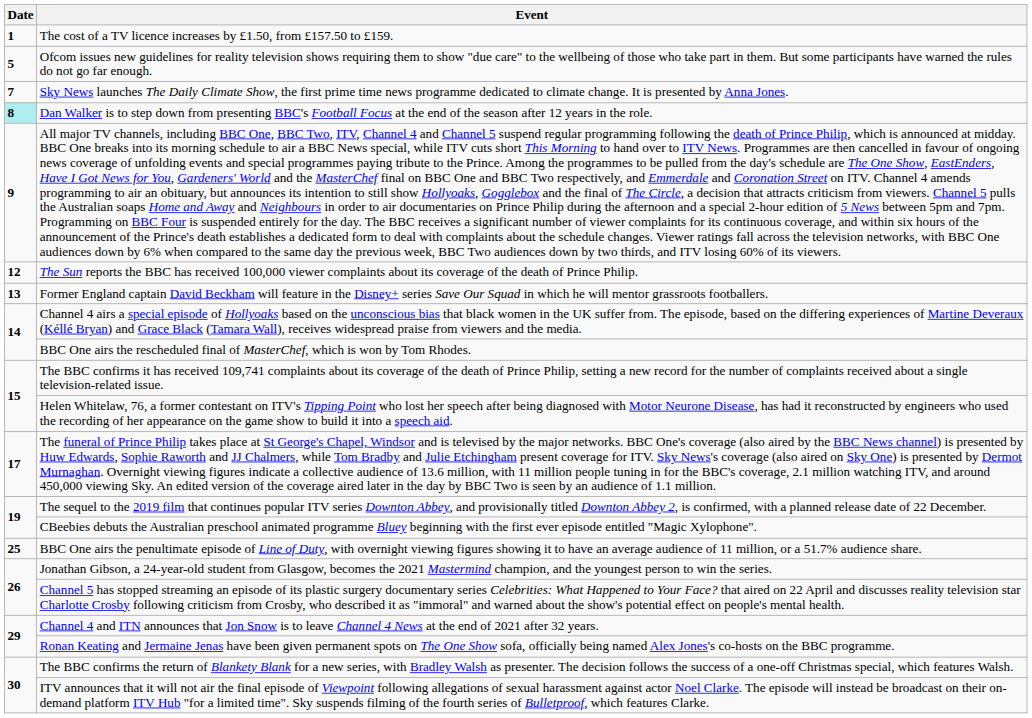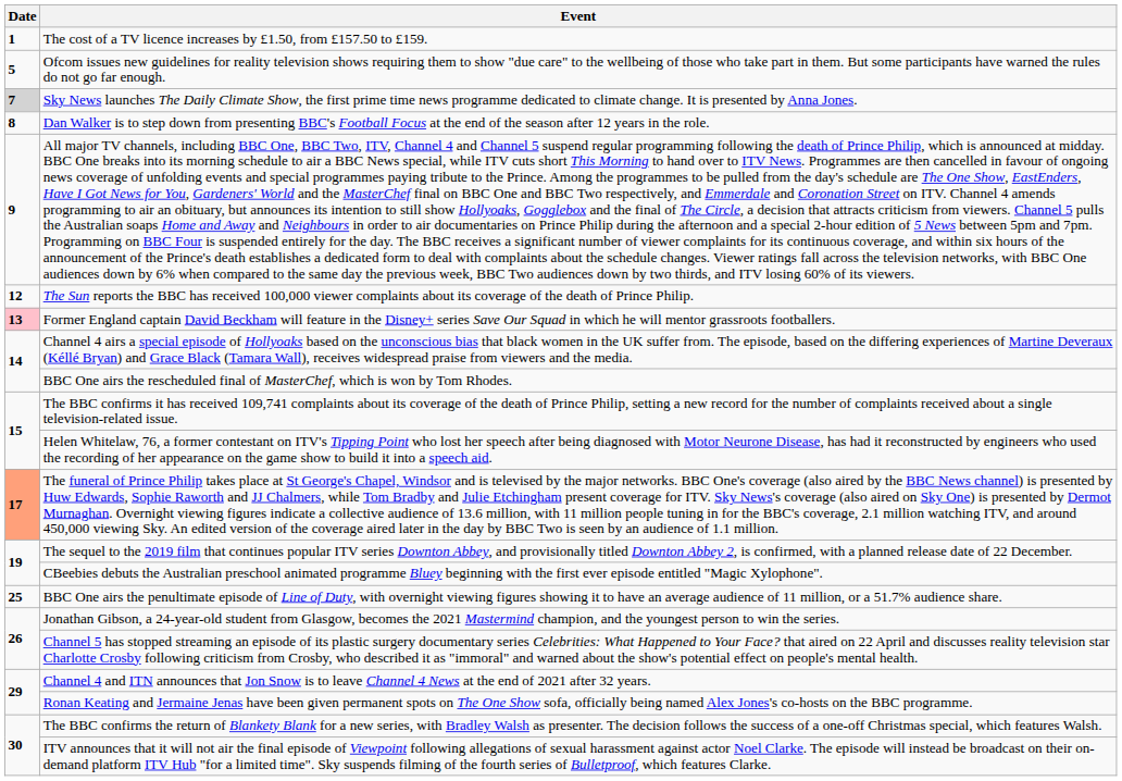 <table class="wikitable">
 <tr>
 <th>Date</th>
 <th>Event</th>
 </tr>
 <tr>
 <td><strong>1</strong></td>
 <td>The cost of a TV licence increases by £1.50, from £157.50 to £159.</td>
 </tr>
 <tr>
 <td><strong>5</strong></td>
 <td>Ofcom issues new guidelines for reality television shows requiring them to show "due care" to the wellbeing of those who take part in them. But some participants have warned the rules do not go far enough.</td>
 </tr>
 <tr>
-<td><strong>7</strong></td>
+<td style="background: lightgrey;"><strong>7</strong></td>
 <td><a href='#'>Sky News</a> launches <em>The Daily Climate Show</em>, the first prime time news programme dedicated to climate change. It is presented by <a href='#'>Anna Jones</a>.</td>
 </tr>
 <tr>
-<td style="background: paleturquoise;"><strong>8</strong></td>
+<td><strong>8</strong></td>
 <td><a href='#'>Dan Walker</a> is to step down from presenting <a href='#'>BBC</a>'s <em><a href='#'>Football Focus</a></em> at the end of the season after 12 years in the role.</td>
 </tr>
 <tr>
 <td><strong>9</strong></td>
 <td>All major TV channels, including <a href='#'>BBC One</a>, <a href='#'>BBC Two</a>, <a href='#'>ITV</a>, <a href='#'>Channel 4</a> and <a href='#'>Channel 5</a> suspend regular programming following the <a href='#'>death of Prince Philip</a>, which is announced at midday. BBC One breaks into its morning schedule to air a BBC News special, while ITV cuts short <em><a href='#'>This Morning</a></em> to hand over to <a href='#'>ITV News</a>. Programmes are then cancelled in favour of ongoing news coverage of unfolding events and special programmes paying tribute to the Prince. Among the programmes to be pulled from the day's schedule are <em><a href='#'>The One Show</a></em>, <em><a href='#'>EastEnders</a></em>, <em><a href='#'>Have I Got News for You</a></em>, <em><a href='#'>Gardeners' World</a></em> and the <em><a href='#'>MasterChef</a></em> final on BBC One and BBC Two respectively, and <em><a href='#'>Emmerdale</a></em> and <em><a href='#'>Coronation Street</a></em> on ITV. Channel 4 amends programming to air an obituary, but announces its intention to still show <em><a href='#'>Hollyoaks</a></em>, <em><a href='#'>Gogglebox</a></em> and the final of <em><a href='#'>The Circle</a></em>, a decision that attracts criticism from viewers. <a href='#'>Channel 5</a> pulls the Australian soaps <em><a href='#'>Home and Away</a></em> and <em><a href='#'>Neighbours</a></em> in order to air documentaries on Prince Philip during the afternoon and a special 2-hour edition of <em><a href='#'>5 News</a></em> between 5pm and 7pm. Programming on <a href='#'>BBC Four</a> is suspended entirely for the day. The BBC receives a significant number of viewer complaints for its continuous coverage, and within six hours of the announcement of the Prince's death establishes a dedicated form to deal with complaints about the schedule changes. Viewer ratings fall across the television networks, with BBC One audiences down by 6% when compared to the same day the previous week, BBC Two audiences down by two thirds, and ITV losing 60% of its viewers.</td>
 </tr>
 <tr>
 <td><strong>12</strong></td>
 <td><em><a href='#'>The Sun</a></em> reports the BBC has received 100,000 viewer complaints about its coverage of the death of Prince Philip.</td>
 </tr>
 <tr>
-<td><strong>13</strong></td>
+<td style="background: pink;"><strong>13</strong></td>
 <td>Former England captain <a href='#'>David Beckham</a> will feature in the <a href='#'>Disney+</a> series <em>Save Our Squad</em> in which he will mentor grassroots footballers.</td>
 </tr>
 <tr>
 <td rowspan=2><strong>14</strong></td>
 <td>Channel 4 airs a <a href='#'>special episode</a> of <em><a href='#'>Hollyoaks</a></em> based on the <a href='#'>unconscious bias</a> that black women in the UK suffer from. The episode, based on the differing experiences of <a href='#'>Martine Deveraux</a> (<a href='#'>Kéllé Bryan</a>) and <a href='#'>Grace Black</a> (<a href='#'>Tamara Wall</a>), receives widespread praise from viewers and the media.</td>
 </tr>
 <tr>
 <td>BBC One airs the rescheduled final of <em>MasterChef</em>, which is won by Tom Rhodes.</td>
 </tr>
 <tr>
 <td rowspan=2><strong>15</strong></td>
 <td>The BBC confirms it has received 109,741 complaints about its coverage of the death of Prince Philip, setting a new record for the number of complaints received about a single television-related issue.</td>
 </tr>
 <tr>
 <td>Helen Whitelaw, 76, a former contestant on ITV's <em><a href='#'>Tipping Point</a></em> who lost her speech after being diagnosed with <a href='#'>Motor Neurone Disease</a>, has had it reconstructed by engineers who used the recording of her appearance on the game show to build it into a <a href='#'>speech aid</a>.</td>
 </tr>
 <tr>
-<td><strong>17</strong></td>
+<td style="background: lightsalmon;"><strong>17</strong></td>
 <td>The <a href='#'>funeral of Prince Philip</a> takes place at <a href='#'>St George's Chapel, Windsor</a> and is televised by the major networks. BBC One's coverage (also aired by the <a href='#'>BBC News channel</a>) is presented by <a href='#'>Huw Edwards</a>, <a href='#'>Sophie Raworth</a> and <a href='#'>JJ Chalmers</a>, while <a href='#'>Tom Bradby</a> and <a href='#'>Julie Etchingham</a> present coverage for ITV. <a href='#'>Sky News</a>'s coverage (also aired on <a href='#'>Sky One</a>) is presented by <a href='#'>Dermot Murnaghan</a>. Overnight viewing figures indicate a collective audience of 13.6 million, with 11 million people tuning in for the BBC's coverage, 2.1 million watching ITV, and around 450,000 viewing Sky. An edited version of the coverage aired later in the day by BBC Two is seen by an audience of 1.1 million.</td>
 </tr>
 <tr>
 <td rowspan=2><strong>19</strong></td>
 <td>The sequel to the <a href='#'>2019 film</a> that continues popular ITV series <em><a href='#'>Downton Abbey</a></em>, and provisionally titled <em><a href='#'>Downton Abbey 2</a></em>, is confirmed, with a planned release date of 22 December.</td>
 </tr>
 <tr>
 <td>CBeebies debuts the Australian preschool animated programme <em><a href='#'>Bluey</a></em> beginning with the first ever episode entitled "Magic Xylophone".</td>
 </tr>
 <tr>
 <td><strong>25</strong></td>
 <td>BBC One airs the penultimate episode of <em><a href='#'>Line of Duty</a></em>, with overnight viewing figures showing it to have an average audience of 11 million, or a 51.7% audience share.</td>
 </tr>
 <tr>
 <td rowspan=2><strong>26</strong></td>
 <td>Jonathan Gibson, a 24-year-old student from Glasgow, becomes the 2021 <em><a href='#'>Mastermind</a></em> champion, and the youngest person to win the series.</td>
 </tr>
 <tr>
 <td><a href='#'>Channel 5</a> has stopped streaming an episode of its plastic surgery documentary series <em>Celebrities: What Happened to Your Face?</em> that aired on 22 April and discusses reality television star <a href='#'>Charlotte Crosby</a> following criticism from Crosby, who described it as "immoral" and warned about the show's potential effect on people's mental health.</td>
 </tr>
 <tr>
 <td rowspan=2><strong>29</strong></td>
 <td><a href='#'>Channel 4</a> and <a href='#'>ITN</a> announces that <a href='#'>Jon Snow</a> is to leave <em><a href='#'>Channel 4 News</a></em> at the end of 2021 after 32 years.</td>
 </tr>
 <tr>
 <td><a href='#'>Ronan Keating</a> and <a href='#'>Jermaine Jenas</a> have been given permanent spots on <em><a href='#'>The One Show</a></em> sofa, officially being named <a href='#'>Alex Jones</a>'s co-hosts on the BBC programme.</td>
 </tr>
 <tr>
 <td rowspan=2><strong>30</strong></td>
 <td>The BBC confirms the return of <em><a href='#'>Blankety Blank</a></em> for a new series, with <a href='#'>Bradley Walsh</a> as presenter. The decision follows the success of a one-off Christmas special, which features Walsh.</td>
 </tr>
 <tr>
 <td>ITV announces that it will not air the final episode of <em><a href='#'>Viewpoint</a></em> following allegations of sexual harassment against actor <a href='#'>Noel Clarke</a>. The episode will instead be broadcast on their on-demand platform <a href='#'>ITV Hub</a> "for a limited time". Sky suspends filming of the fourth series of <em><a href='#'>Bulletproof</a></em>, which features Clarke.</td>
 </tr>
 </table>
